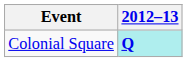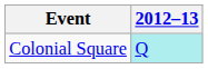 <table class="wikitable">
 <tr>
 <th>Event</th>
 <th><a href='#'>2012–13</a></th>
 </tr>
 <tr>
 <td><a href='#'>Colonial Square</a></td>
-<td style="background:#afeeee;"><strong><a href='#'>Q</a></strong></td>
+<td style="background:#afeeee;"><a href='#'>Q</a></td>
 </tr>
 </table>
